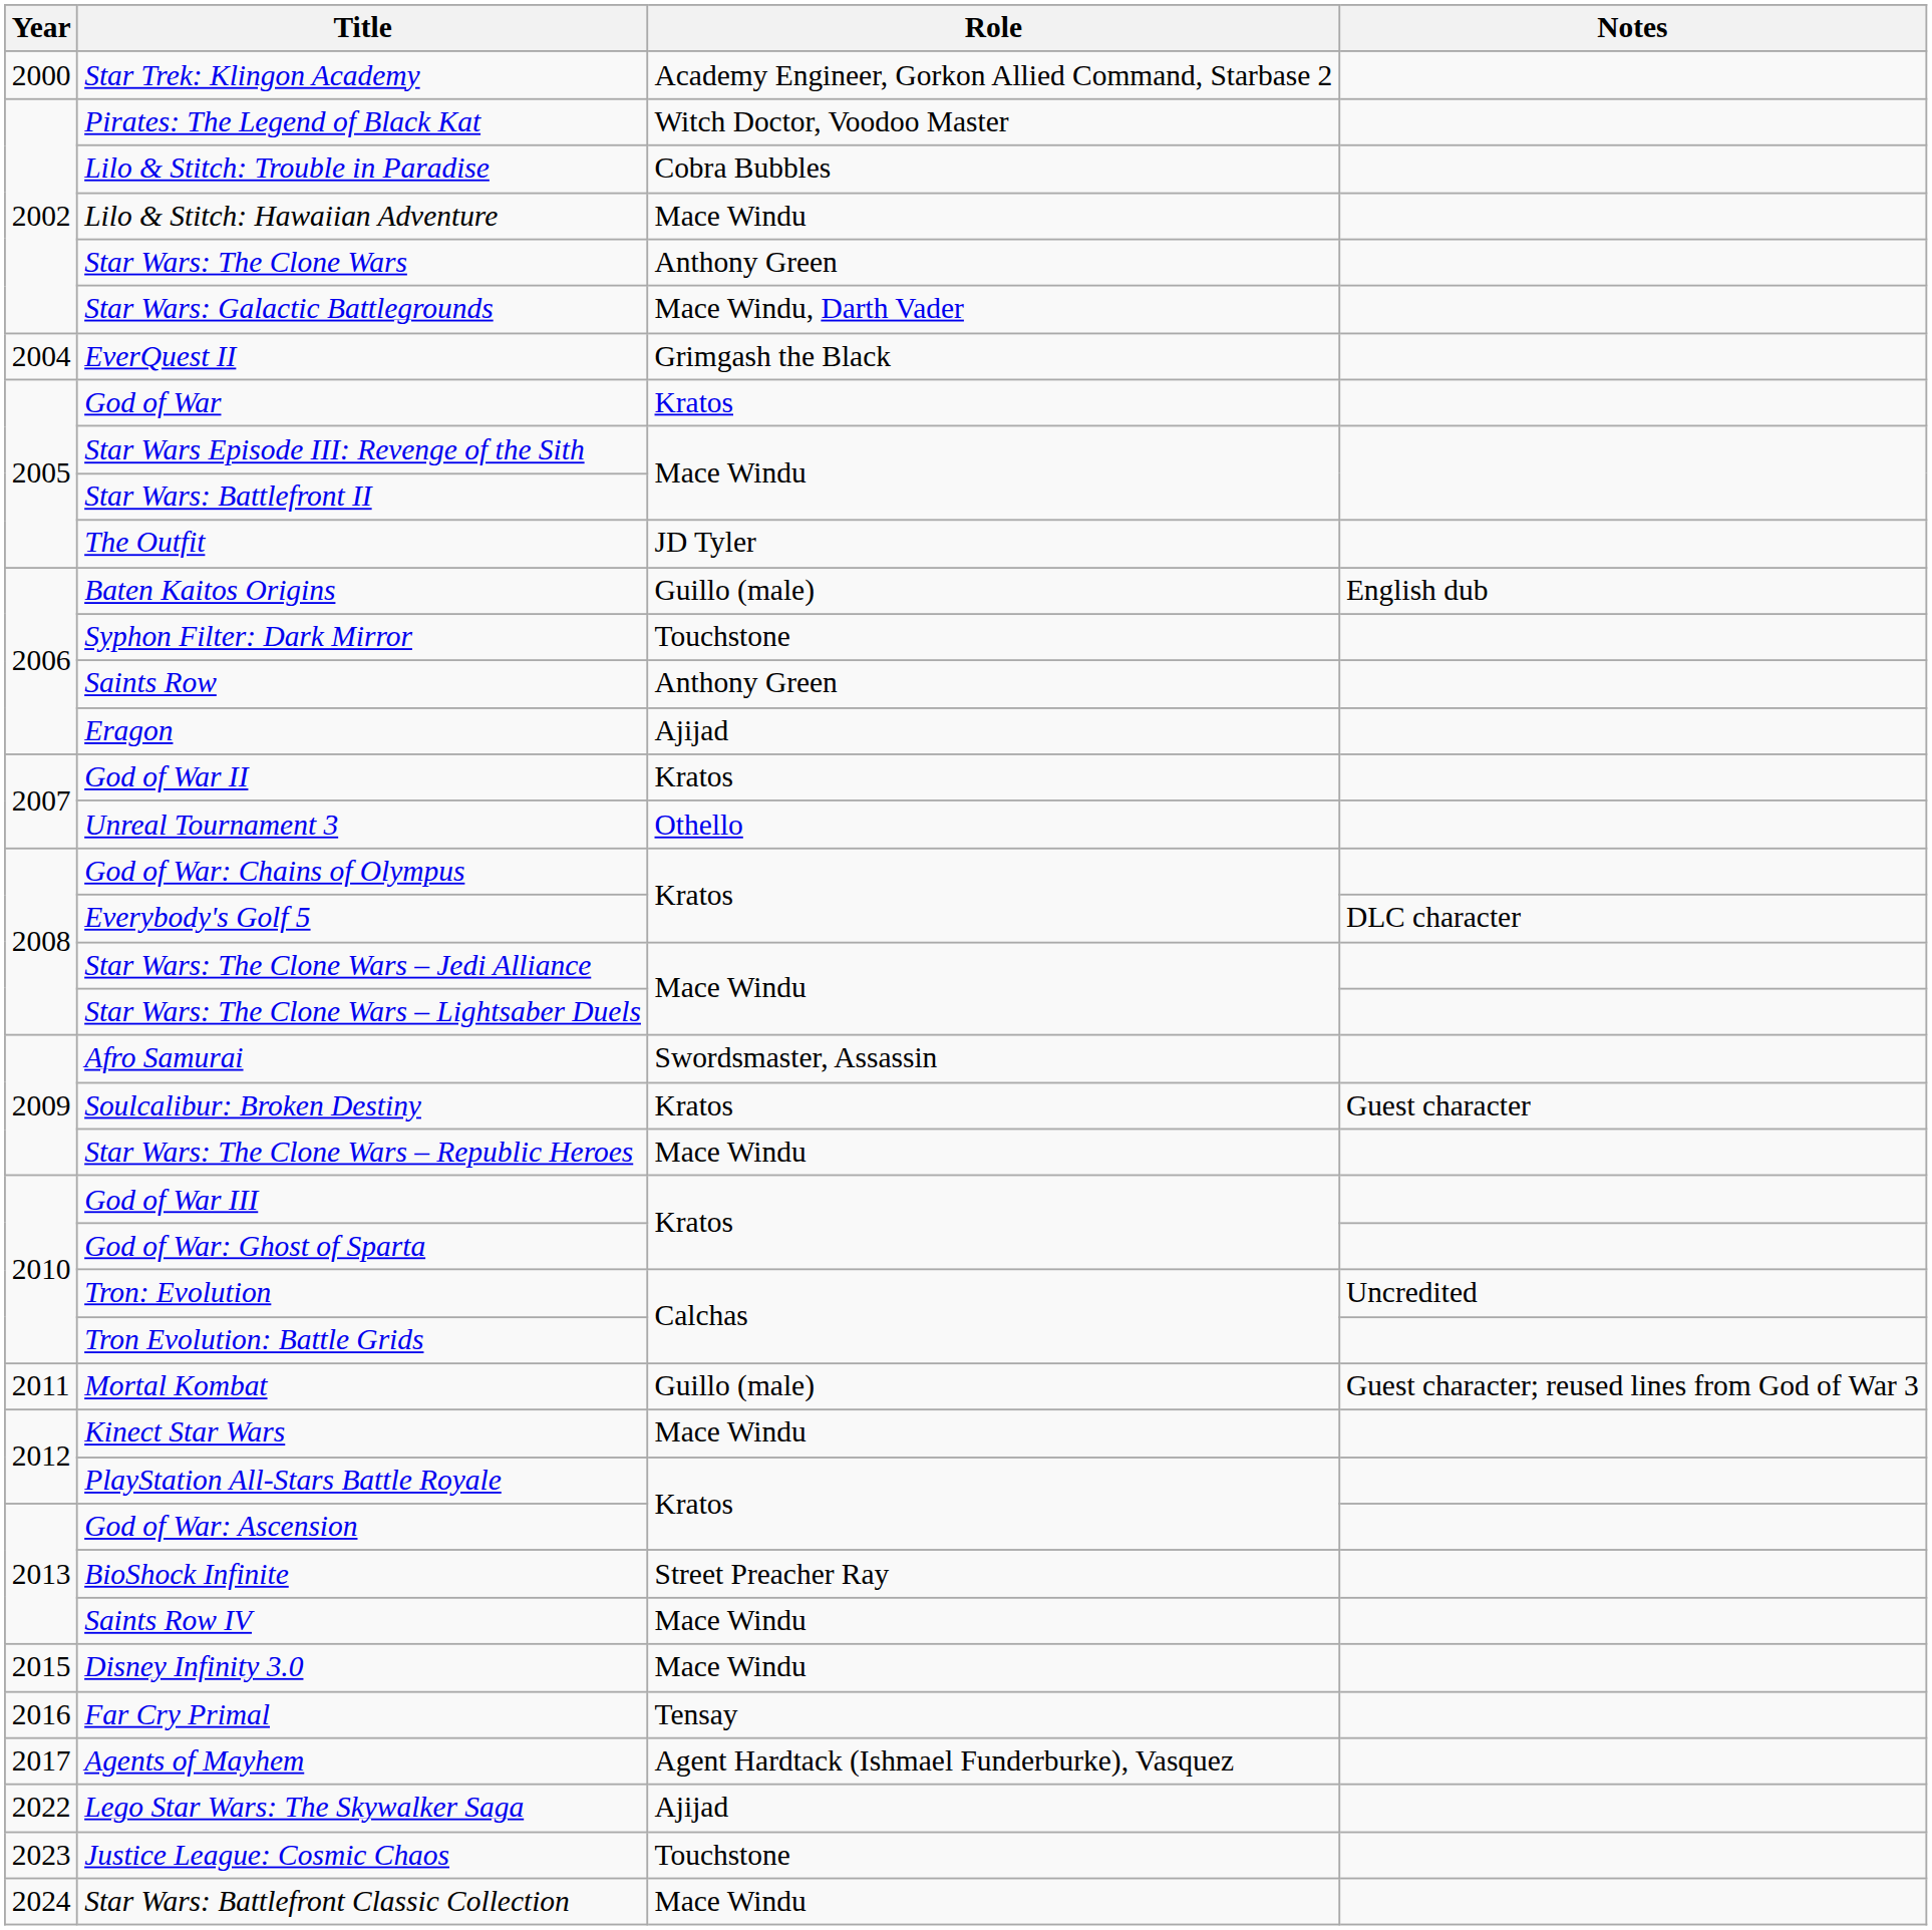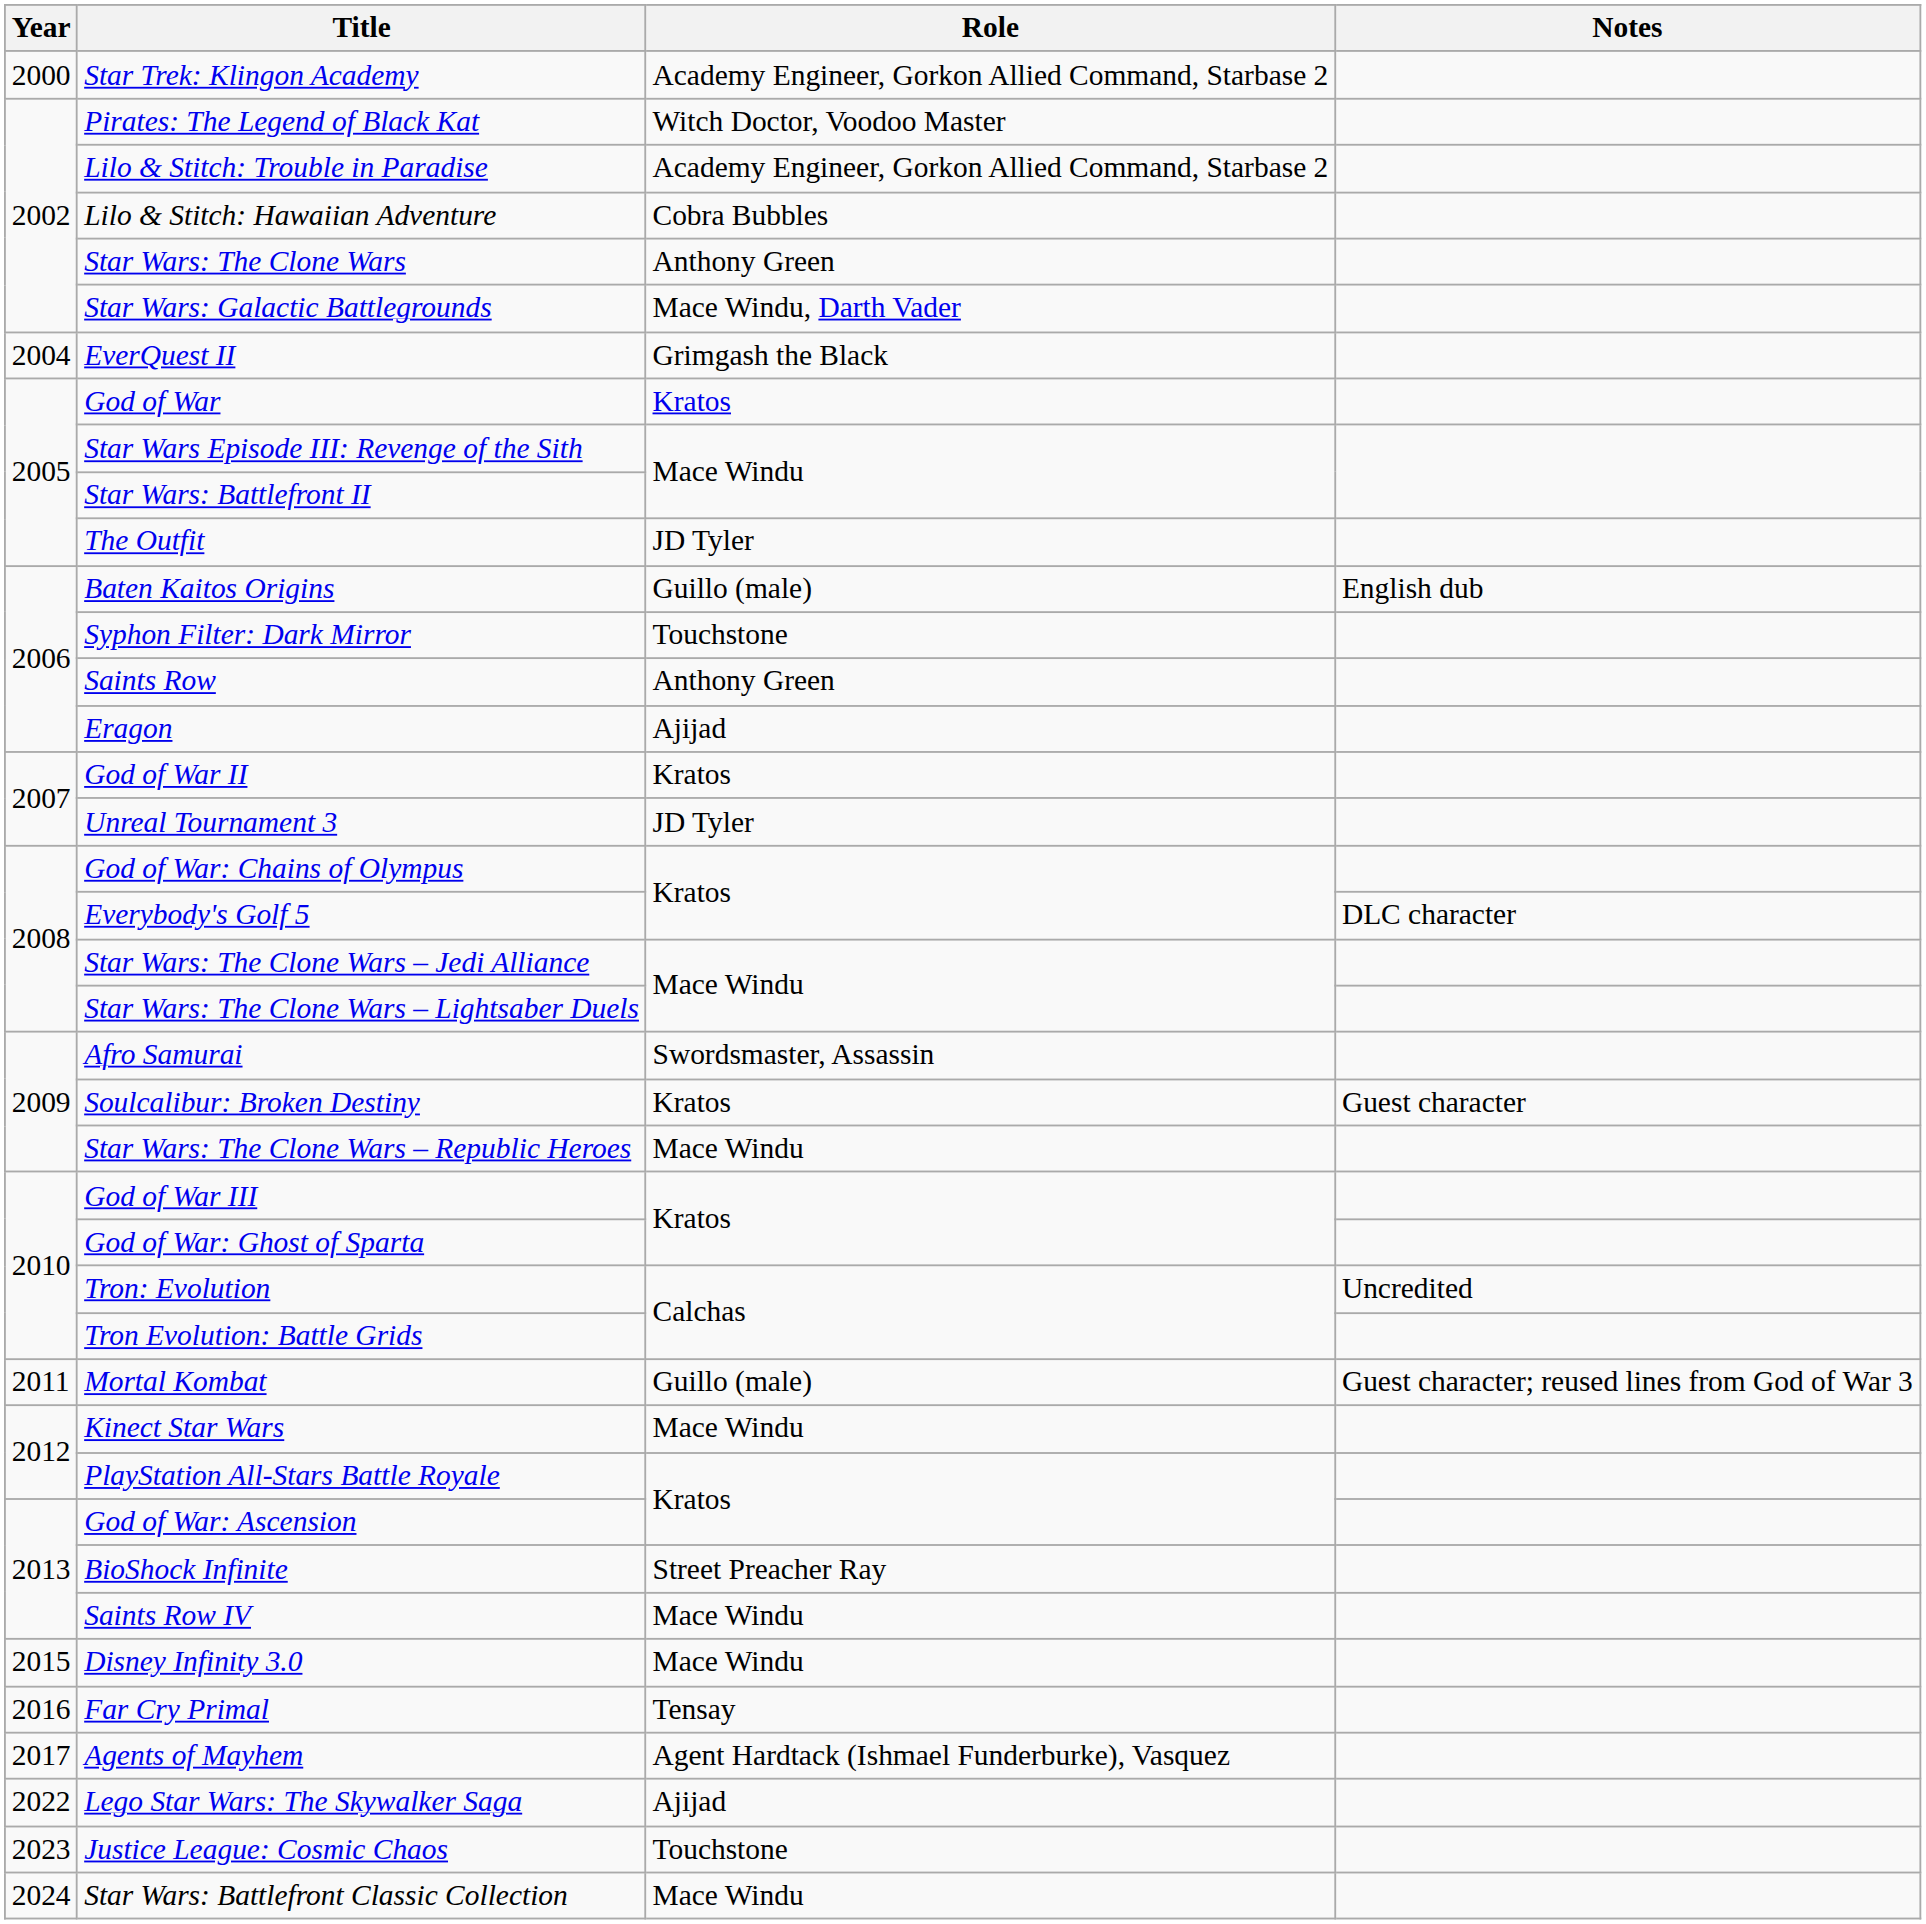 <table class="wikitable sortable">
 <tr>
 <th>Year</th>
 <th>Title</th>
 <th>Role</th>
 <th>Notes</th>
 </tr>
 <tr>
 <td>2000</td>
 <td><em><a href='#'>Star Trek: Klingon Academy</a></em></td>
 <td>Academy Engineer, Gorkon Allied Command, Starbase 2</td>
 <td></td>
 </tr>
 <tr>
 <td rowspan="5">2002</td>
 <td><em><a href='#'>Pirates: The Legend of Black Kat</a></em></td>
 <td>Witch Doctor, Voodoo Master</td>
 <td></td>
 </tr>
 <tr>
 <td><em><a href='#'>Lilo & Stitch: Trouble in Paradise</a></em></td>
-<td>Cobra Bubbles</td>
+<td>Academy Engineer, Gorkon Allied Command, Starbase 2</td>
 <td></td>
 </tr>
 <tr>
 <td><em>Lilo & Stitch: Hawaiian Adventure</em></td>
-<td>Mace Windu</td>
+<td>Cobra Bubbles</td>
 <td></td>
 </tr>
 <tr>
 <td><em><a href='#'>Star Wars: The Clone Wars</a></em></td>
 <td>Anthony Green</td>
 <td></td>
 </tr>
 <tr>
 <td><em><a href='#'>Star Wars: Galactic Battlegrounds</a></em></td>
 <td>Mace Windu, <a href='#'>Darth Vader</a></td>
 <td></td>
 </tr>
 <tr>
 <td>2004</td>
 <td><em><a href='#'>EverQuest II</a></em></td>
 <td>Grimgash the Black</td>
 <td></td>
 </tr>
 <tr>
 <td rowspan="4">2005</td>
 <td><em><a href='#'>God of War</a></em></td>
 <td><a href='#'>Kratos</a></td>
 <td></td>
 </tr>
 <tr>
 <td><em><a href='#'>Star Wars Episode III: Revenge of the Sith</a></em></td>
 <td rowspan=2>Mace Windu</td>
 <td rowspan=2></td>
 </tr>
 <tr>
 <td><em><a href='#'>Star Wars: Battlefront II</a></em></td>
 </tr>
 <tr>
 <td><em><a href='#'>The Outfit</a></em></td>
 <td>JD Tyler</td>
 <td></td>
 </tr>
 <tr>
 <td rowspan="4">2006</td>
 <td><em><a href='#'>Baten Kaitos Origins</a></em></td>
 <td>Guillo (male)</td>
 <td>English dub</td>
 </tr>
 <tr>
 <td><em><a href='#'>Syphon Filter: Dark Mirror</a></em></td>
 <td>Touchstone</td>
 <td></td>
 </tr>
 <tr>
 <td><em><a href='#'>Saints Row</a></em></td>
 <td>Anthony Green</td>
 <td></td>
 </tr>
 <tr>
 <td><em><a href='#'>Eragon</a></em></td>
 <td>Ajijad</td>
 <td></td>
 </tr>
 <tr>
 <td rowspan="2">2007</td>
 <td><em><a href='#'>God of War II</a></em></td>
 <td>Kratos</td>
 <td></td>
 </tr>
 <tr>
 <td><em><a href='#'>Unreal Tournament 3</a></em></td>
-<td><a href='#'>Othello</a></td>
+<td>JD Tyler</td>
 <td></td>
 </tr>
 <tr>
 <td rowspan="4">2008</td>
 <td><em><a href='#'>God of War: Chains of Olympus</a></em></td>
 <td rowspan=2>Kratos</td>
 <td></td>
 </tr>
 <tr>
 <td><em><a href='#'>Everybody's Golf 5</a></em></td>
 <td>DLC character</td>
 </tr>
 <tr>
 <td><em><a href='#'>Star Wars: The Clone Wars – Jedi Alliance</a></em></td>
 <td rowspan=2>Mace Windu</td>
 <td></td>
 </tr>
 <tr>
 <td><em><a href='#'>Star Wars: The Clone Wars – Lightsaber Duels</a></em></td>
 <td></td>
 </tr>
 <tr>
 <td rowspan="3">2009</td>
 <td><em><a href='#'>Afro Samurai</a></em></td>
 <td>Swordsmaster, Assassin</td>
 <td></td>
 </tr>
 <tr>
 <td><em><a href='#'>Soulcalibur: Broken Destiny</a></em></td>
 <td>Kratos</td>
 <td>Guest character</td>
 </tr>
 <tr>
 <td><em><a href='#'>Star Wars: The Clone Wars – Republic Heroes</a></em></td>
 <td>Mace Windu</td>
 <td></td>
 </tr>
 <tr>
 <td rowspan="4">2010</td>
 <td><em><a href='#'>God of War III</a></em></td>
 <td rowspan=2>Kratos</td>
 <td></td>
 </tr>
 <tr>
 <td><em><a href='#'>God of War: Ghost of Sparta</a></em></td>
 <td></td>
 </tr>
 <tr>
 <td><em><a href='#'>Tron: Evolution</a></em></td>
 <td rowspan=2>Calchas</td>
 <td>Uncredited</td>
 </tr>
 <tr>
 <td><em><a href='#'>Tron Evolution: Battle Grids</a></em></td>
 <td></td>
 </tr>
 <tr>
 <td>2011</td>
 <td><em><a href='#'>Mortal Kombat</a></em></td>
 <td>Guillo (male)</td>
 <td>Guest character; reused lines from God of War 3</td>
 </tr>
 <tr>
 <td rowspan="2">2012</td>
 <td><em><a href='#'>Kinect Star Wars</a></em></td>
 <td>Mace Windu</td>
 <td></td>
 </tr>
 <tr>
 <td><em><a href='#'>PlayStation All-Stars Battle Royale</a></em></td>
 <td rowspan=2>Kratos</td>
 <td></td>
 </tr>
 <tr>
 <td rowspan="3">2013</td>
 <td><em><a href='#'>God of War: Ascension</a></em></td>
 <td></td>
 </tr>
 <tr>
 <td><em><a href='#'>BioShock Infinite</a></em></td>
 <td>Street Preacher Ray</td>
 <td></td>
 </tr>
 <tr>
 <td><em><a href='#'>Saints Row IV</a></em></td>
 <td>Mace Windu</td>
 <td></td>
 </tr>
 <tr>
 <td>2015</td>
 <td><em><a href='#'>Disney Infinity 3.0</a></em></td>
 <td>Mace Windu</td>
 <td></td>
 </tr>
 <tr>
 <td>2016</td>
 <td><em><a href='#'>Far Cry Primal</a></em></td>
 <td>Tensay</td>
 <td></td>
 </tr>
 <tr>
 <td>2017</td>
 <td><em><a href='#'>Agents of Mayhem</a></em></td>
 <td>Agent Hardtack (Ishmael Funderburke), Vasquez</td>
 <td></td>
 </tr>
 <tr>
 <td>2022</td>
 <td><em><a href='#'>Lego Star Wars: The Skywalker Saga</a></em></td>
 <td>Ajijad</td>
 <td></td>
 </tr>
 <tr>
 <td>2023</td>
 <td><em><a href='#'>Justice League: Cosmic Chaos</a></em></td>
 <td>Touchstone</td>
 <td></td>
 </tr>
 <tr>
 <td>2024</td>
 <td><em>Star Wars: Battlefront Classic Collection</em></td>
 <td>Mace Windu</td>
 <td></td>
 </tr>
 </table>
